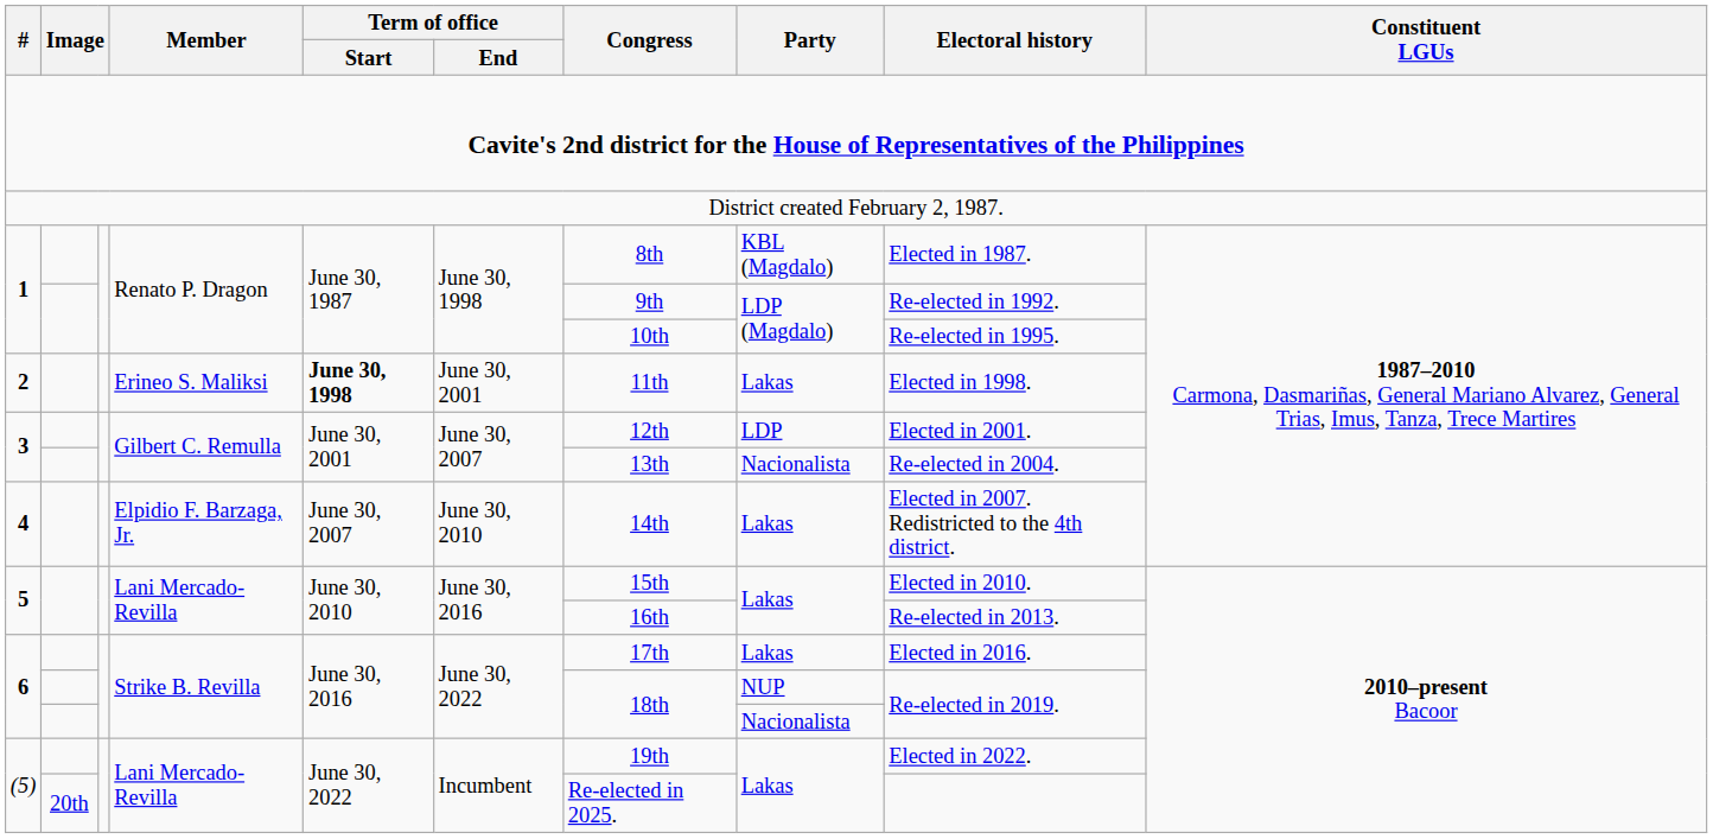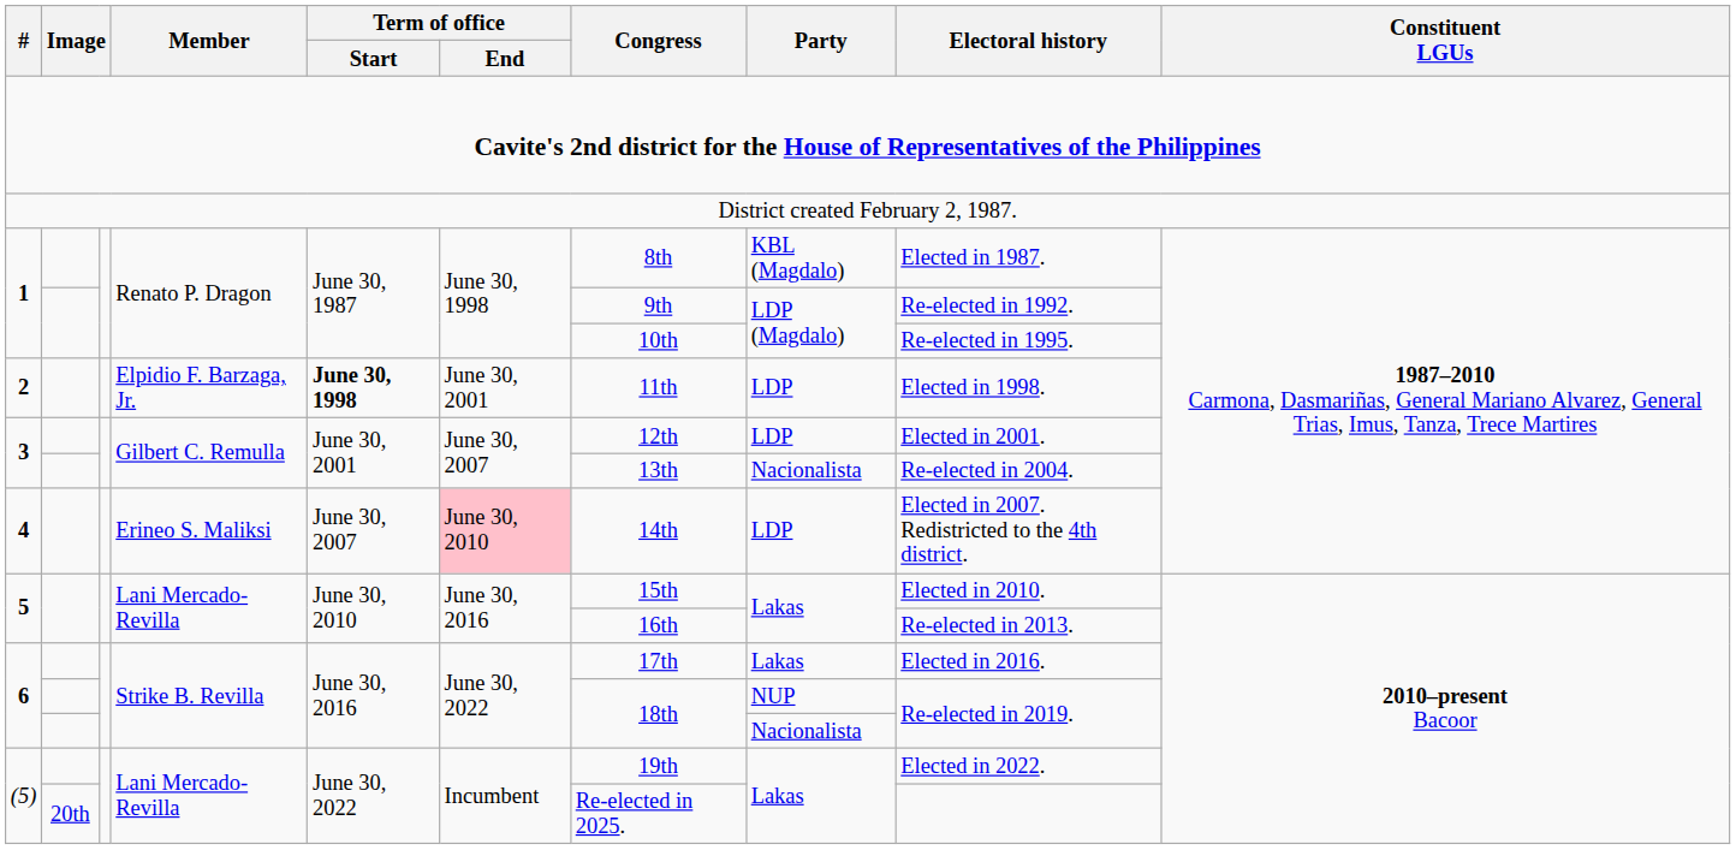 <table class="wikitable">
 <tr>
 <th rowspan="2">#</th>
 <th colspan="2" rowspan="2">Image</th>
 <th rowspan="2">Member</th>
 <th colspan="2">Term of office</th>
 <th rowspan="2">Congress</th>
 <th rowspan="2">Party</th>
 <th rowspan="2">Electoral history</th>
 <th rowspan="2" width="33%">Constituent<br><a href='#'>LGUs</a></th>
 </tr>
 <tr>
 <th>Start</th>
 <th>End</th>
 </tr>
 <tr>
 <td colspan="10" style="text-align:center;"><br><h3>Cavite's 2nd district for the <a href='#'>House of Representatives of the Philippines</a></h3></td>
 </tr>
 <tr>
 <td colspan="10" style="text-align:center;">District created February 2, 1987.</td>
 </tr>
 <tr>
 <td style="text-align:center;" rowspan="3"><strong>1</strong></td>
 <td style="color:inherit;background:"></td>
 <td rowspan="3"></td>
 <td rowspan="3">Renato P. Dragon</td>
 <td rowspan="3">June 30, 1987</td>
 <td rowspan="3">June 30, 1998</td>
 <td style="text-align:center;"><a href='#'>8th</a></td>
 <td><a href='#'>KBL</a> (<a href='#'>Magdalo</a>)</td>
 <td><a href='#'>Elected in 1987</a>.</td>
 <td rowspan="7" style="text-align:center;"><strong>1987–2010</strong><br><a href='#'>Carmona</a>, <a href='#'>Dasmariñas</a>, <a href='#'>General Mariano Alvarez</a>, <a href='#'>General Trias</a>, <a href='#'>Imus</a>, <a href='#'>Tanza</a>, <a href='#'>Trece Martires</a></td>
 </tr>
 <tr>
 <td rowspan="2" style="color:inherit;background:"></td>
 <td style="text-align:center;"><a href='#'>9th</a></td>
 <td rowspan="2"><a href='#'>LDP</a> (<a href='#'>Magdalo</a>)</td>
 <td><a href='#'>Re-elected in 1992</a>.</td>
 </tr>
 <tr>
 <td style="text-align:center;"><a href='#'>10th</a></td>
 <td><a href='#'>Re-elected in 1995</a>.</td>
 </tr>
 <tr>
 <td style="text-align:center;"><strong>2</strong></td>
 <td style="color:inherit;background:"></td>
 <td></td>
-<td><a href='#'>Erineo S. Maliksi</a></td>
+<td><a href='#'>Elpidio F. Barzaga, Jr.</a></td>
 <td><strong>June 30, 1998</strong></td>
 <td>June 30, 2001</td>
 <td style="text-align:center;"><a href='#'>11th</a></td>
-<td><a href='#'>Lakas</a></td>
+<td><a href='#'>LDP</a> </td>
 <td><a href='#'>Elected in 1998</a>.</td>
 </tr>
 <tr>
 <td style="text-align:center;" rowspan="2"><strong>3</strong></td>
 <td style="color:inherit;background:"></td>
 <td rowspan="2"></td>
 <td rowspan="2"><a href='#'>Gilbert C. Remulla</a></td>
 <td rowspan="2">June 30, 2001</td>
 <td rowspan="2">June 30, 2007</td>
 <td style="text-align:center;"><a href='#'>12th</a></td>
 <td><a href='#'>LDP</a></td>
 <td><a href='#'>Elected in 2001</a>.</td>
 </tr>
 <tr>
 <td style="color:inherit;background:"></td>
 <td style="text-align:center;"><a href='#'>13th</a></td>
 <td><a href='#'>Nacionalista</a></td>
 <td><a href='#'>Re-elected in 2004</a>.</td>
 </tr>
 <tr>
 <td style="text-align:center;"><strong>4</strong></td>
 <td style="color:inherit;background:"></td>
 <td></td>
-<td><a href='#'>Elpidio F. Barzaga, Jr.</a></td>
+<td><a href='#'>Erineo S. Maliksi</a></td>
 <td>June 30, 2007</td>
-<td>June 30, 2010</td>
+<td style="background: pink;">June 30, 2010</td>
 <td style="text-align:center;"><a href='#'>14th</a></td>
-<td><a href='#'>Lakas</a></td>
+<td><a href='#'>LDP</a> </td>
 <td><a href='#'>Elected in 2007</a>.<br>Redistricted to the <a href='#'>4th district</a>.</td>
 </tr>
 <tr>
 <td style="text-align:center;" rowspan="2"><strong>5</strong></td>
 <td rowspan="2" style="color:inherit;background:"></td>
 <td rowspan="2"></td>
 <td rowspan="2"><a href='#'>Lani Mercado-Revilla</a></td>
 <td rowspan="2">June 30, 2010</td>
 <td rowspan="2">June 30, 2016</td>
 <td style="text-align:center;"><a href='#'>15th</a></td>
 <td rowspan="2"><a href='#'>Lakas</a></td>
 <td><a href='#'>Elected in 2010</a>.</td>
 <td rowspan="7" style="text-align:center;"><strong>2010–present</strong><br><a href='#'>Bacoor</a></td>
 </tr>
 <tr>
 <td style="text-align:center;"><a href='#'>16th</a></td>
 <td><a href='#'>Re-elected in 2013</a>.</td>
 </tr>
 <tr>
 <td rowspan="3" style="text-align:center;"><strong>6</strong></td>
 <td style="color:inherit;background:"></td>
 <td rowspan="3"></td>
 <td rowspan="3"><a href='#'>Strike B. Revilla</a></td>
 <td rowspan="3">June 30, 2016</td>
 <td rowspan="3">June 30, 2022</td>
 <td style="text-align:center;"><a href='#'>17th</a></td>
 <td><a href='#'>Lakas</a></td>
 <td><a href='#'>Elected in 2016</a>.</td>
 </tr>
 <tr>
 <td style="color:inherit;background:"></td>
 <td rowspan="2" style="text-align:center;"><a href='#'>18th</a></td>
 <td><a href='#'>NUP</a></td>
 <td rowspan="2"><a href='#'>Re-elected in 2019</a>.</td>
 </tr>
 <tr>
 <td style="color:inherit;background:"></td>
 <td><a href='#'>Nacionalista</a></td>
 </tr>
 <tr>
 <td style="text-align:center;" rowspan="2"><em>(5)</em></td>
 <td style="color:inherit;background:"></td>
 <td rowspan="2"></td>
 <td rowspan="2"><a href='#'>Lani Mercado-Revilla</a></td>
 <td rowspan="2">June 30, 2022</td>
 <td rowspan="2">Incumbent</td>
 <td style="text-align:center;"><a href='#'>19th</a></td>
 <td rowspan="2"><a href='#'>Lakas</a></td>
 <td><a href='#'>Elected in 2022</a>.</td>
 </tr>
 <tr>
 <td style="text-align:center;"><a href='#'>20th</a></td>
 <td><a href='#'>Re-elected in 2025</a>.</td>
 </tr>
 </table>
